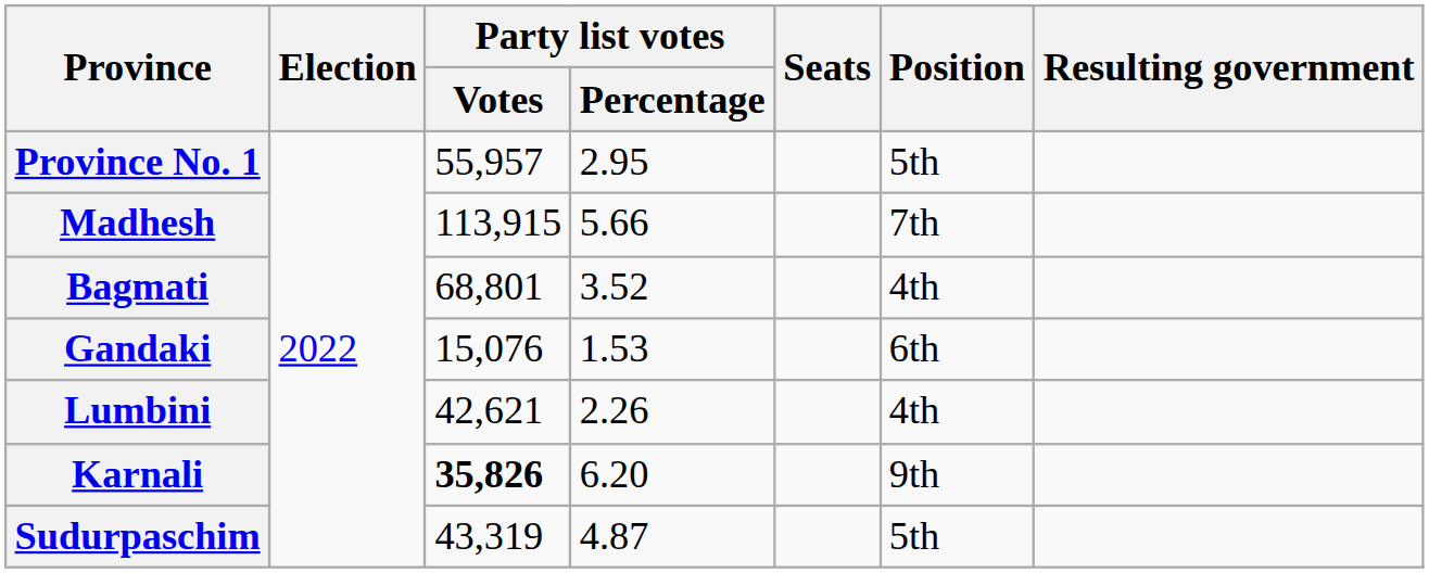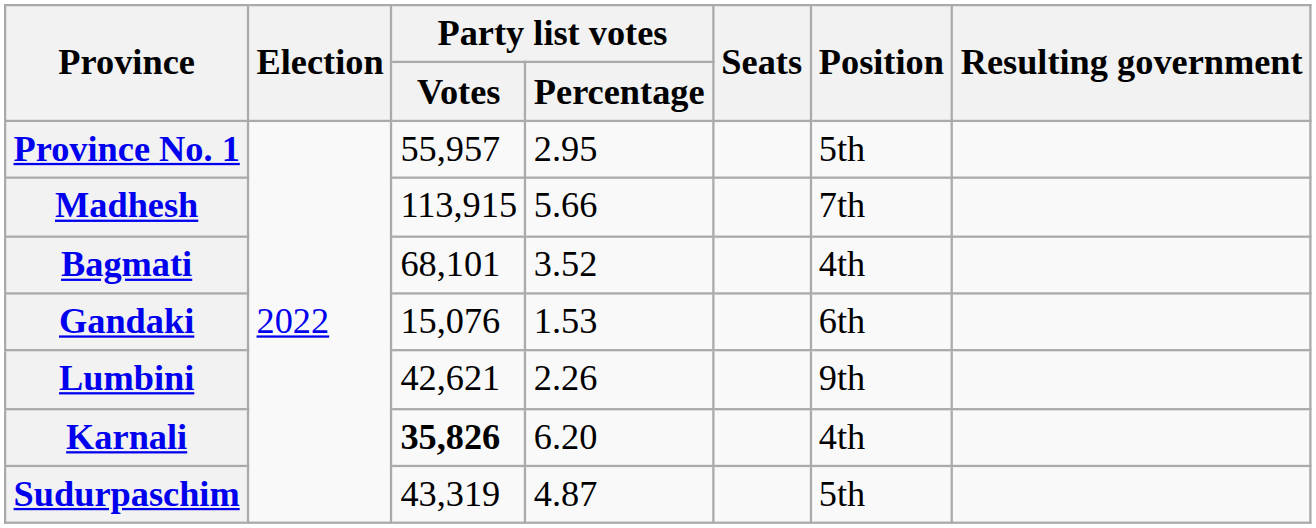 <table class="wikitable">
 <tr>
 <th rowspan="2" style="background-color:">Province</th>
 <th rowspan="2" style="background-color:">Election</th>
 <th colspan="2" style="background-color:">Party list votes</th>
 <th rowspan="2" style="background-color:">Seats</th>
 <th rowspan="2" style="background-color:">Position</th>
 <th rowspan="2" style="background-color:">Resulting government</th>
 </tr>
 <tr>
 <th style="background-color:">Votes</th>
 <th style="background-color:">Percentage</th>
 </tr>
 <tr>
 <th><a href='#'>Province No. 1</a></th>
 <td rowspan="7"><a href='#'>2022</a></td>
 <td>55,957</td>
 <td>2.95</td>
 <td></td>
 <td>5th</td>
 <td></td>
 </tr>
 <tr>
 <th><a href='#'>Madhesh</a></th>
 <td>113,915</td>
 <td>5.66</td>
 <td></td>
 <td>7th</td>
 <td></td>
 </tr>
 <tr>
 <th><a href='#'>Bagmati</a></th>
-<td>68,801</td>
+<td>68,101</td>
 <td>3.52</td>
 <td></td>
 <td>4th</td>
 <td></td>
 </tr>
 <tr>
 <th><a href='#'>Gandaki</a></th>
 <td>15,076</td>
 <td>1.53</td>
 <td></td>
 <td>6th</td>
 <td></td>
 </tr>
 <tr>
 <th><a href='#'>Lumbini</a></th>
 <td>42,621</td>
 <td>2.26</td>
 <td></td>
-<td>4th</td>
+<td>9th</td>
 <td></td>
 </tr>
 <tr>
 <th><a href='#'>Karnali</a></th>
 <td><strong>35,826</strong></td>
 <td>6.20</td>
 <td></td>
-<td>9th</td>
+<td>4th</td>
 <td></td>
 </tr>
 <tr>
 <th><a href='#'>Sudurpaschim</a></th>
 <td>43,319</td>
 <td>4.87</td>
 <td></td>
 <td>5th</td>
 <td></td>
 </tr>
 </table>
